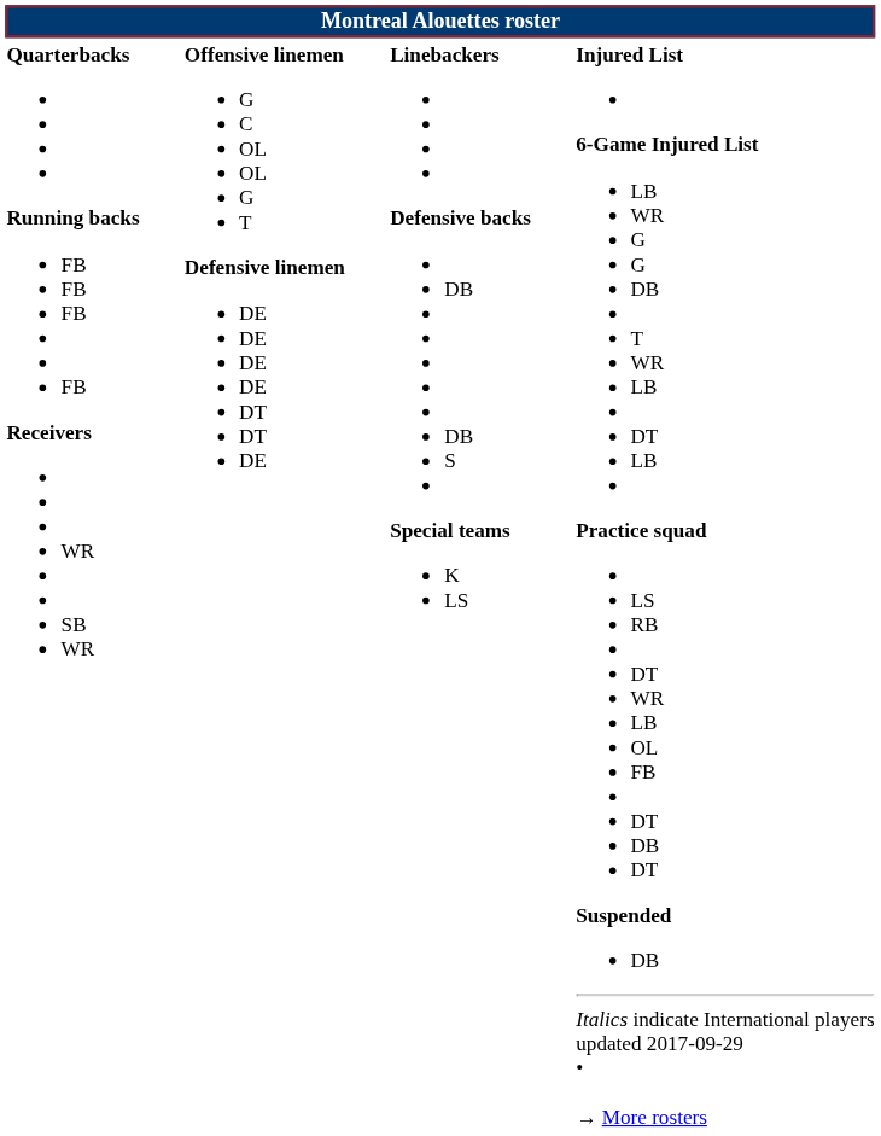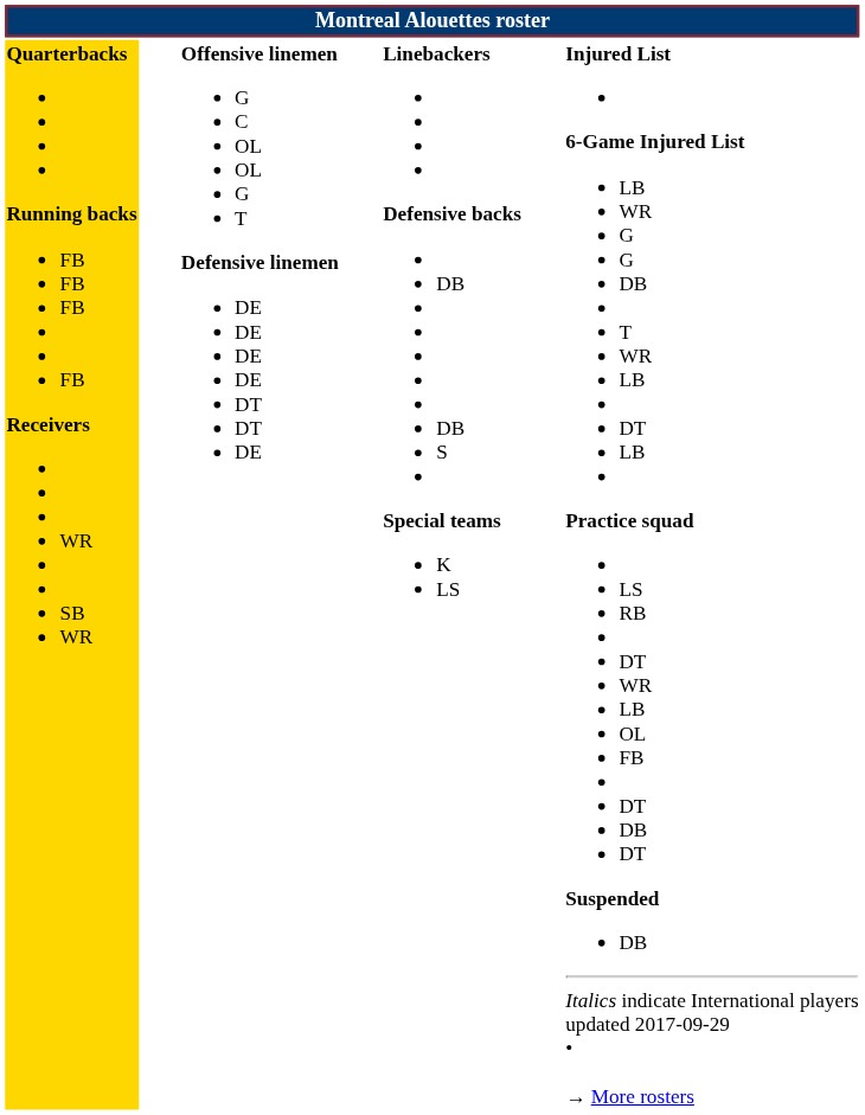 <table class="toccolours" style="text-align: left;">
 <tr>
 <th colspan="7" style="text-align:center; background:#003A70; border:2px solid #862633;color:#FFFFFF;text-align:center;">Montreal Alouettes roster</th>
 </tr>
 <tr>
-<td style="font-size: 95%;vertical-align:top;"><strong>Quarterbacks</strong><br><ul><li></li><li></li><li></li><li></li></ul><strong>Running backs</strong><ul><li> FB</li><li> FB</li><li> FB</li><li></li><li></li><li> FB</li></ul><strong>Receivers</strong><ul><li></li><li></li><li></li><li> WR</li><li></li><li></li><li> SB</li><li> WR</li></ul></td>
+<td style="background: gold; font-size: 95%;vertical-align:top;"><strong>Quarterbacks</strong><br><ul><li></li><li></li><li></li><li></li></ul><strong>Running backs</strong><ul><li> FB</li><li> FB</li><li> FB</li><li></li><li></li><li> FB</li></ul><strong>Receivers</strong><ul><li></li><li></li><li></li><li> WR</li><li></li><li></li><li> SB</li><li> WR</li></ul></td>
 <td style="width: 25px;"></td>
 <td style="font-size: 95%;vertical-align:top;"><strong>Offensive linemen</strong><br><ul><li> G</li><li> C</li><li> OL</li><li> OL</li><li> G</li><li> T</li></ul><strong>Defensive linemen</strong><ul><li> DE</li><li> DE</li><li> DE</li><li> DE</li><li> DT</li><li> DT</li><li> DE</li></ul></td>
 <td style="width: 25px;"></td>
 <td style="font-size: 95%;vertical-align:top;"><strong>Linebackers</strong><br><ul><li></li><li></li><li></li><li></li></ul><strong>Defensive backs</strong><ul><li></li><li> DB</li><li></li><li></li><li></li><li></li><li></li><li> DB</li><li> S</li><li></li></ul><strong>Special teams</strong><ul><li> K</li><li> LS</li></ul></td>
 <td style="width: 25px;"></td>
 <td style="font-size: 95%;vertical-align:top;"><strong>Injured List</strong><br><ul><li></li></ul><strong>6-Game Injured List</strong><ul><li> LB</li><li> WR</li><li> G</li><li> G</li><li> DB</li><li></li><li> T</li><li> WR</li><li> LB</li><li></li><li> DT</li><li> LB</li><li></li></ul><strong>Practice squad</strong><ul><li></li><li> LS</li><li> RB</li><li></li><li> DT</li><li> WR</li><li> LB</li><li> OL</li><li> FB</li><li></li><li> DT</li><li> DB</li><li> DT</li></ul><strong>Suspended</strong><ul><li> DB</li></ul><hr> <em>Italics</em> indicate International players<br> <span></span> updated 2017-09-29<br> <span></span> • <span></span><br> <br>→ <a href='#'>More rosters</a></td>
 </tr>
 <tr>
 </tr>
 </table>
